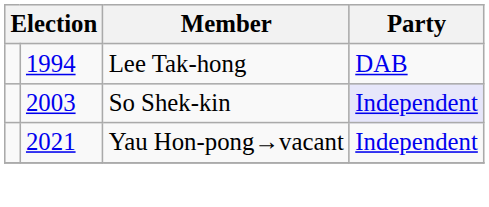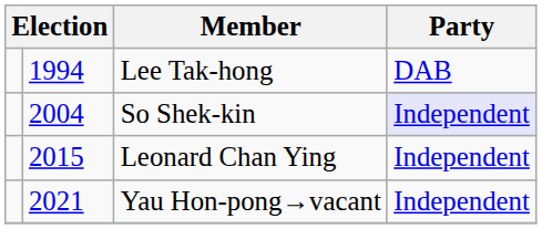 <table class="wikitable">
 <tr>
 <th colspan="2">Election</th>
 <th>Member</th>
 <th>Party</th>
 </tr>
 <tr>
 <td style="background-color:"></td>
 <td><a href='#'>1994</a></td>
 <td>Lee Tak-hong</td>
 <td><a href='#'>DAB</a></td>
 </tr>
 <tr>
 <td style="background-color:"></td>
-<td><a href='#'>2003</a></td>
+<td><a href='#'>2004</a></td>
 <td>So Shek-kin</td>
 <td style="background: lavender;"><a href='#'>Independent</a></td>
+</tr>
+<tr>
+<td style="background-color:"></td>
+<td><a href='#'>2015</a></td>
+<td>Leonard Chan Ying</td>
+<td><a href='#'>Independent</a></td>
 </tr>
 <tr>
 <td style="background-color:"></td>
 <td><a href='#'>2021</a></td>
 <td>Yau Hon-pong→vacant</td>
 <td><a href='#'>Independent</a></td>
 </tr>
 <tr>
 </tr>
 </table>
